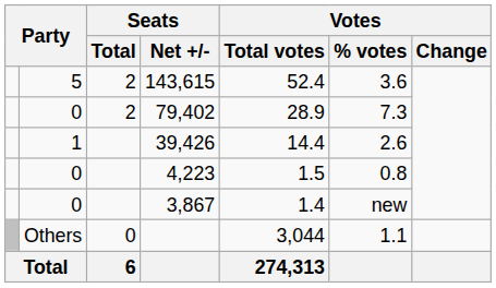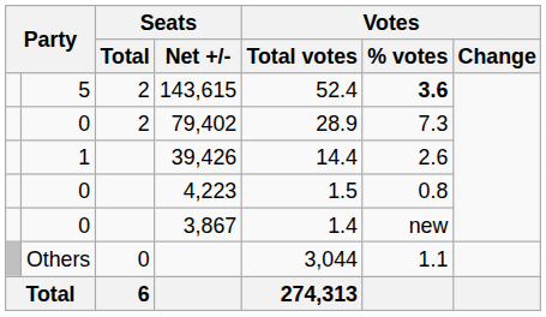 <table class="wikitable" style="text-align:right; font-size:95%;">
 <tr>
 <th colspan="2" rowspan="2">Party</th>
 <th colspan="2">Seats</th>
 <th colspan="3">Votes</th>
 </tr>
 <tr>
 <th>Total</th>
 <th>Net +/-</th>
 <th>Total votes</th>
 <th>% votes</th>
 <th>Change</th>
 </tr>
 <tr>
 <td></td>
 <td>5</td>
 <td>2</td>
 <td>143,615</td>
 <td>52.4</td>
-<td>3.6</td>
+<td><strong>3.6</strong></td>
 </tr>
 <tr>
 <td></td>
 <td>0</td>
 <td>2</td>
 <td>79,402</td>
 <td>28.9</td>
 <td>7.3</td>
 </tr>
 <tr>
 <td></td>
 <td>1</td>
 <td></td>
 <td>39,426</td>
 <td>14.4</td>
 <td>2.6</td>
 </tr>
 <tr>
 <td></td>
 <td>0</td>
 <td></td>
 <td>4,223</td>
 <td>1.5</td>
 <td>0.8</td>
 </tr>
 <tr>
 <td></td>
 <td>0</td>
 <td></td>
 <td>3,867</td>
 <td>1.4</td>
 <td>new</td>
 </tr>
 <tr>
 <td style="background:silver;"> </td>
 <td align=left>Others</td>
 <td>0</td>
 <td></td>
 <td>3,044</td>
 <td>1.1</td>
 <td></td>
 </tr>
 <tr>
 <th colspan="2" style="background:#f2f2f2">Total</th>
 <td style="background:#f2f2f2;"><strong>6</strong></td>
 <td style="background:#f2f2f2;"></td>
 <td style="background:#f2f2f2;"><strong>274,313</strong></td>
 <td style="background:#f2f2f2;"></td>
 <td style="background:#f2f2f2;"></td>
 </tr>
 </table>
